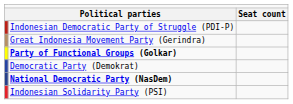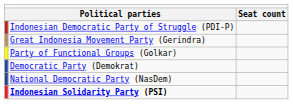 <table class="wikitable">
 <tr>
 <td colspan="4"></td>
 </tr>
 <tr>
 <th colspan="2">Political parties</th>
 <th>Seat count</th>
 </tr>
 <tr>
 <td bgcolor=#BD2016></td>
 <td><a href='#'>Indonesian Democratic Party of Struggle</a> (PDI-P)</td>
 <td></td>
 </tr>
 <tr>
 <td bgcolor=#B79164></td>
 <td><a href='#'>Great Indonesia Movement Party</a> (Gerindra)</td>
 <td></td>
 </tr>
 <tr>
 <td bgcolor=#FFFF00></td>
-<td><strong><a href='#'>Party of Functional Groups</a> (Golkar)</strong></td>
+<td><a href='#'>Party of Functional Groups</a> (Golkar)</td>
 <td></td>
 </tr>
 <tr>
 <td bgcolor=#2643A3></td>
 <td><a href='#'>Democratic Party</a> (Demokrat)</td>
 <td></td>
 </tr>
 <tr>
 <td bgcolor=#27408B></td>
-<td><strong><a href='#'>National Democratic Party</a> (NasDem)</strong></td>
+<td><a href='#'>National Democratic Party</a> (NasDem)</td>
 <td></td>
 </tr>
 <tr>
 <td bgcolor=#E6212A></td>
-<td><a href='#'>Indonesian Solidarity Party</a> (PSI)</td>
+<td><strong><a href='#'>Indonesian Solidarity Party</a> (PSI)</strong></td>
 <td></td>
 </tr>
 </table>
